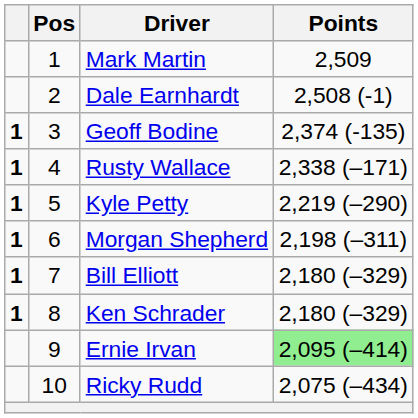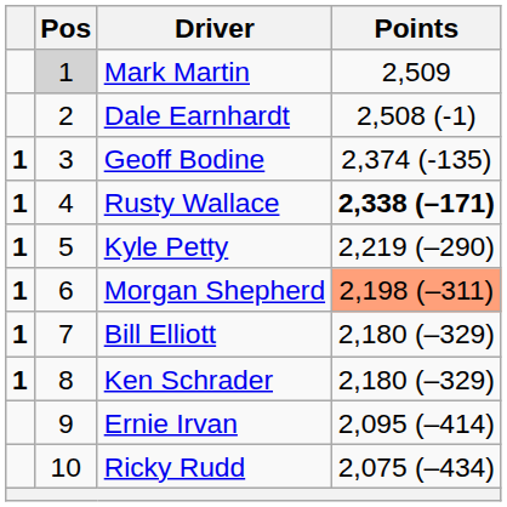 <table class="wikitable" style="font-size: 95%;">
 <tr>
 <th></th>
 <th>Pos</th>
 <th>Driver</th>
 <th>Points</th>
 </tr>
 <tr>
 <td align="left"></td>
-<td style="text-align:center;">1</td>
+<td style="background: lightgrey; text-align:center;">1</td>
 <td><a href='#'>Mark Martin</a></td>
 <td style="text-align:center;">2,509</td>
 </tr>
 <tr>
 <td align="left"></td>
 <td style="text-align:center;">2</td>
 <td><a href='#'>Dale Earnhardt</a></td>
 <td style="text-align:center;">2,508 (-1)</td>
 </tr>
 <tr>
 <td align="left">  <strong>1</strong></td>
 <td style="text-align:center;">3</td>
 <td><a href='#'>Geoff Bodine</a></td>
 <td style="text-align:center;">2,374 (-135)</td>
 </tr>
 <tr>
 <td align="left">  <strong>1</strong></td>
 <td style="text-align:center;">4</td>
 <td><a href='#'>Rusty Wallace</a></td>
-<td style="text-align:center;">2,338 (–171)</td>
+<td style="text-align:center;"><strong>2,338 (–171)</strong></td>
 </tr>
 <tr>
 <td align="left">  <strong>1</strong></td>
 <td style="text-align:center;">5</td>
 <td><a href='#'>Kyle Petty</a></td>
 <td style="text-align:center;">2,219 (–290)</td>
 </tr>
 <tr>
 <td align="left">  <strong>1</strong></td>
 <td style="text-align:center;">6</td>
 <td><a href='#'>Morgan Shepherd</a></td>
-<td style="text-align:center;">2,198 (–311)</td>
+<td style="background: lightsalmon; text-align:center;">2,198 (–311)</td>
 </tr>
 <tr>
 <td align="left">  <strong>1</strong></td>
 <td style="text-align:center;">7</td>
 <td><a href='#'>Bill Elliott</a></td>
 <td style="text-align:center;">2,180 (–329)</td>
 </tr>
 <tr>
 <td align="left">  <strong>1</strong></td>
 <td style="text-align:center;">8</td>
 <td><a href='#'>Ken Schrader</a></td>
 <td style="text-align:center;">2,180 (–329)</td>
 </tr>
 <tr>
 <td align="left"></td>
 <td style="text-align:center;">9</td>
 <td><a href='#'>Ernie Irvan</a></td>
-<td style="background: lightgreen; text-align:center;">2,095 (–414)</td>
+<td style="text-align:center;">2,095 (–414)</td>
 </tr>
 <tr>
 <td align="left"></td>
 <td style="text-align:center;">10</td>
 <td><a href='#'>Ricky Rudd</a></td>
 <td style="text-align:center;">2,075 (–434)</td>
 </tr>
 <tr class="sortbottom">
 <th colspan="9"></th>
 </tr>
 </table>
